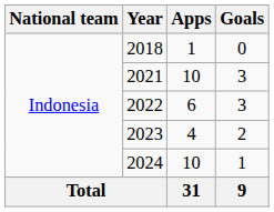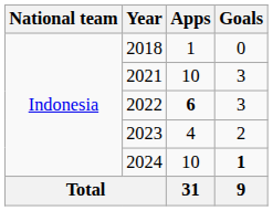 <table class="wikitable" style="text-align:center">
 <tr>
 <th>National team</th>
 <th>Year</th>
 <th>Apps</th>
 <th>Goals</th>
 </tr>
 <tr>
 <td rowspan=5><a href='#'>Indonesia</a></td>
 <td>2018</td>
 <td>1</td>
 <td>0</td>
 </tr>
 <tr>
 <td>2021</td>
 <td>10</td>
 <td>3</td>
 </tr>
 <tr>
 <td>2022</td>
-<td>6</td>
+<td><strong>6</strong></td>
 <td>3</td>
 </tr>
 <tr>
 <td>2023</td>
 <td>4</td>
 <td>2</td>
 </tr>
 <tr>
 <td>2024</td>
 <td>10</td>
-<td>1</td>
+<td><strong>1</strong></td>
 </tr>
 <tr>
 <th colspan=2>Total</th>
 <th>31</th>
 <th>9</th>
 </tr>
 </table>
